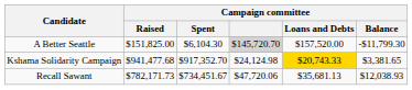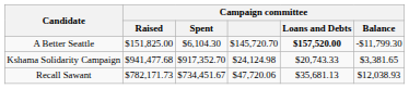 <table class="wikitable sortable" style="font-size:90%;text-align:center;">
 <tr>
 <th rowspan="2">Candidate</th>
 <th colspan="8">Campaign committee</th>
 </tr>
 <tr>
 <th>Raised</th>
 <th>Spent</th>
 <th data-sort-type=currency></th>
 <th>Loans and Debts</th>
 <th>Balance</th>
 </tr>
 <tr>
 <td>A Better Seattle</td>
 <td>$151,825.00</td>
 <td>$6,104.30</td>
-<td style="background: lightgrey;">$145,720.70</td>
-<td>$157,520.00</td>
+<td>$145,720.70</td>
+<td><strong>$157,520.00</strong></td>
 <td>-$11,799.30</td>
 </tr>
 <tr>
 <td>Kshama Solidarity Campaign</td>
 <td>$941,477.68</td>
 <td>$917,352.70</td>
 <td>$24,124.98</td>
-<td style="background: gold;">$20,743.33</td>
+<td>$20,743.33</td>
 <td>$3,381.65</td>
 </tr>
 <tr>
 <td>Recall Sawant</td>
 <td>$782,171.73</td>
 <td>$734,451.67</td>
 <td>$47,720.06</td>
 <td>$35,681.13</td>
 <td>$12,038.93</td>
 </tr>
 </table>
